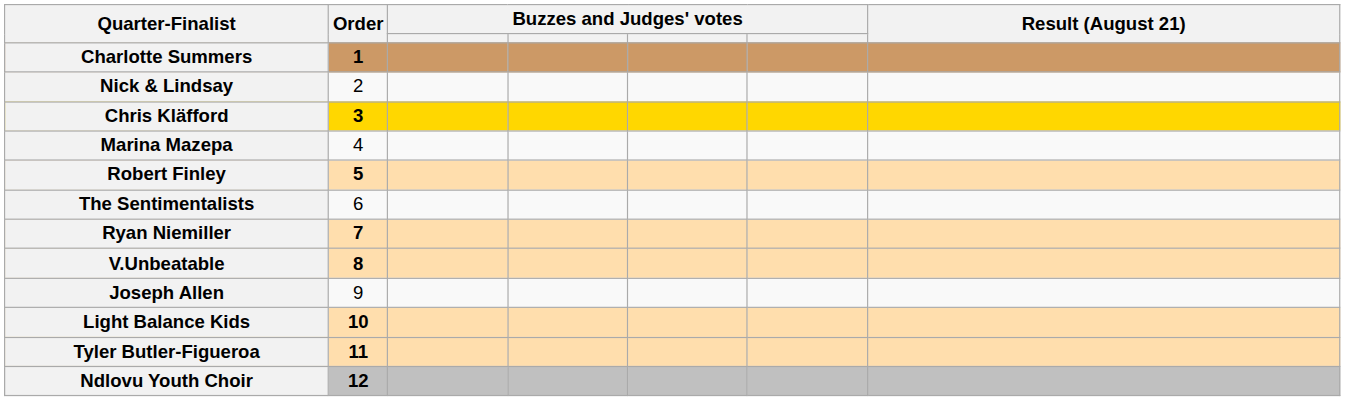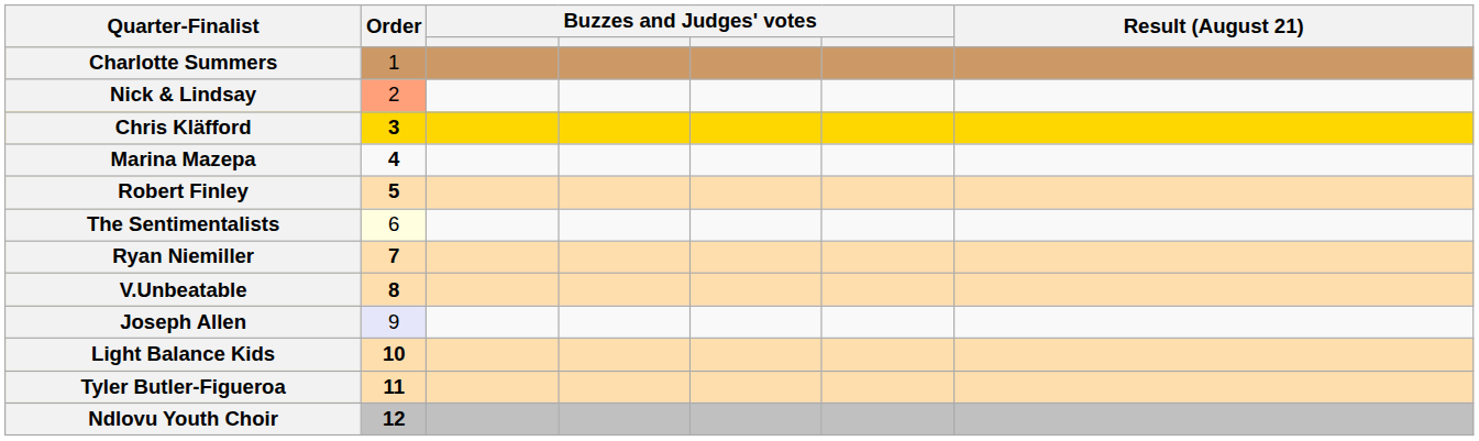 <table class="wikitable plainrowheaders sortable" style="text-align:center;">
 <tr>
 <th scope="col" rowspan="2" class="unsortable" style="width:17em;">Quarter-Finalist</th>
 <th scope="col" rowspan="2" style="width:1em;">Order</th>
 <th scope="col" colspan="4" class="unsortable" style="width:24em;">Buzzes and Judges' votes</th>
 <th scope="col" rowspan="2" style="width:25em;">Result (August 21)</th>
 </tr>
 <tr>
 <th scope="col" class="unsortable" style="width:6em;"></th>
 <th scope="col" class="unsortable" style="width:6em;"></th>
 <th scope="col" class="unsortable" style="width:6em;"></th>
 <th scope="col" class="unsortable" style="width:6em;"></th>
 </tr>
 <tr style="background:#c96">
 <th scope="row">Charlotte Summers</th>
-<td><strong>1</strong></td>
+<td>1</td>
 <td style="text-align:center;"></td>
 <td style="text-align:center;"></td>
 <td style="text-align:center;"></td>
 <td style="text-align:center;"></td>
 <td></td>
 </tr>
 <tr>
 <th scope="row">Nick & Lindsay</th>
-<td>2</td>
+<td style="background: lightsalmon;">2</td>
 <td style="text-align:center;"></td>
 <td style="text-align:center;"></td>
 <td style="text-align:center;"></td>
 <td style="text-align:center;"></td>
 <td></td>
 </tr>
 <tr style="background:gold">
 <th scope="row"><strong>Chris Kläfford</strong></th>
 <td><strong>3</strong></td>
 <td style="text-align:center;"></td>
 <td style="text-align:center;"></td>
 <td style="text-align:center;"></td>
 <td style="text-align:center;"></td>
 <td><strong></strong></td>
 </tr>
 <tr>
 <th scope="row">Marina Mazepa</th>
-<td>4</td>
+<td><strong>4</strong></td>
 <td style="text-align:center;"></td>
 <td style="text-align:center;"></td>
 <td style="text-align:center;"></td>
 <td style="text-align:center;"></td>
 <td></td>
 </tr>
 <tr style="background:NavajoWhite">
 <th scope="row"><strong>Robert Finley</strong></th>
 <td><strong>5</strong></td>
 <td style="text-align:center;"></td>
 <td style="text-align:center;"></td>
 <td style="text-align:center;"></td>
 <td style="text-align:center;"></td>
 <td><strong></strong></td>
 </tr>
 <tr>
 <th scope="row">The Sentimentalists</th>
-<td>6</td>
+<td style="background: lightyellow;">6</td>
 <td style="text-align:center;"></td>
 <td style="text-align:center;"></td>
 <td style="text-align:center;"></td>
 <td style="text-align:center;"></td>
 <td></td>
 </tr>
 <tr style="background:NavajoWhite">
 <th scope="row"><strong>Ryan Niemiller</strong></th>
 <td><strong>7</strong></td>
 <td style="text-align:center;"></td>
 <td style="text-align:center;"></td>
 <td style="text-align:center;"></td>
 <td style="text-align:center;"></td>
 <td><strong></strong></td>
 </tr>
 <tr style="background:NavajoWhite">
 <th scope="row"><strong>V.Unbeatable</strong></th>
 <td><strong>8</strong></td>
 <td style="text-align:center;"></td>
 <td style="text-align:center;"></td>
 <td style="text-align:center;"></td>
 <td style="text-align:center;"></td>
 <td><strong></strong></td>
 </tr>
 <tr>
 <th scope="row">Joseph Allen</th>
-<td>9</td>
+<td style="background: lavender;">9</td>
 <td style="text-align:center;"></td>
 <td style="text-align:center;"></td>
 <td style="text-align:center;"></td>
 <td style="text-align:center;"></td>
 <td></td>
 </tr>
 <tr style="background:NavajoWhite">
 <th scope="row"><strong>Light Balance Kids</strong></th>
 <td><strong>10</strong></td>
 <td style="text-align:center;"></td>
 <td style="text-align:center;"></td>
 <td style="text-align:center;"></td>
 <td style="text-align:center;"></td>
 <td><strong></strong></td>
 </tr>
 <tr style="background:NavajoWhite">
 <th scope="row"><strong>Tyler Butler-Figueroa</strong></th>
 <td><strong>11</strong></td>
 <td style="text-align:center;"></td>
 <td style="text-align:center;"></td>
 <td style="text-align:center;"></td>
 <td style="text-align:center;"></td>
 <td><strong></strong></td>
 </tr>
 <tr style="background:silver">
 <th scope="row"><strong>Ndlovu Youth Choir</strong></th>
 <td><strong>12</strong></td>
 <td style="text-align:center;"></td>
 <td style="text-align:center;"></td>
 <td style="text-align:center;"></td>
 <td style="text-align:center;"></td>
 <td><strong></strong></td>
 </tr>
 </table>
